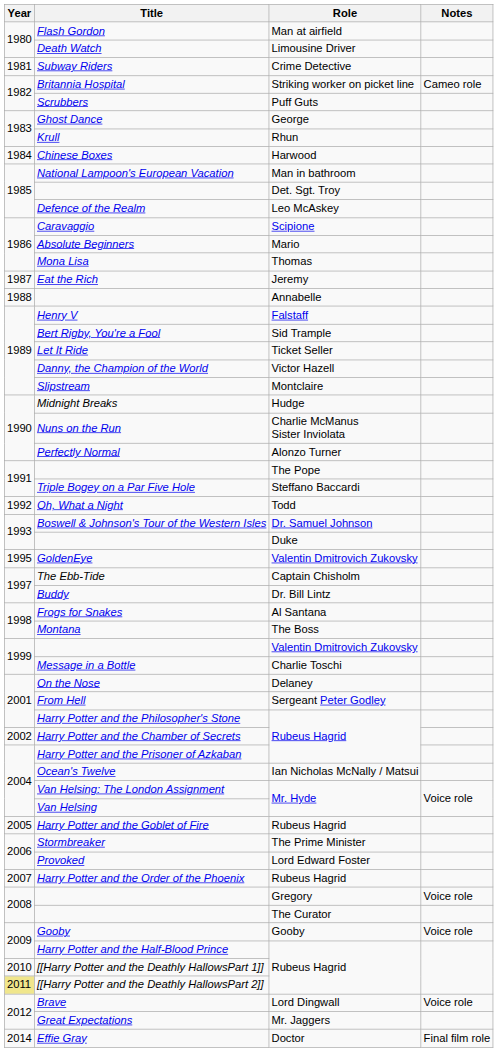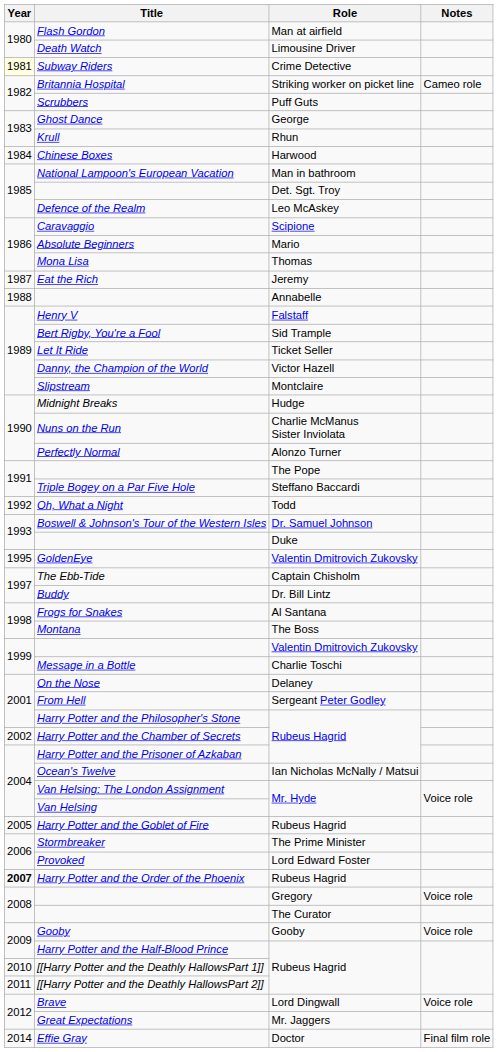 <table class="wikitable sortable">
 <tr>
 <th>Year</th>
 <th>Title</th>
 <th>Role</th>
 <th class="unsortable">Notes</th>
 </tr>
 <tr>
 <td rowspan=2>1980</td>
 <td><em><a href='#'>Flash Gordon</a></em></td>
 <td>Man at airfield</td>
 <td></td>
 </tr>
 <tr>
 <td><em><a href='#'>Death Watch</a></em></td>
 <td>Limousine Driver</td>
 <td></td>
 </tr>
 <tr>
-<td>1981</td>
+<td style="background: lightyellow;">1981</td>
 <td><em><a href='#'>Subway Riders</a></em></td>
 <td>Crime Detective</td>
 <td></td>
 </tr>
 <tr>
 <td rowspan=2>1982</td>
 <td><em><a href='#'>Britannia Hospital</a></em></td>
 <td>Striking worker on picket line</td>
 <td>Cameo role</td>
 </tr>
 <tr>
 <td><em><a href='#'>Scrubbers</a></em></td>
 <td>Puff Guts</td>
 <td></td>
 </tr>
 <tr>
 <td rowspan=2>1983</td>
 <td><em><a href='#'>Ghost Dance</a></em></td>
 <td>George</td>
 <td></td>
 </tr>
 <tr>
 <td><em><a href='#'>Krull</a></em></td>
 <td>Rhun</td>
 <td></td>
 </tr>
 <tr>
 <td>1984</td>
 <td><em><a href='#'>Chinese Boxes</a></em></td>
 <td>Harwood</td>
 <td></td>
 </tr>
 <tr>
 <td rowspan=3>1985</td>
 <td><em><a href='#'>National Lampoon's European Vacation</a></em></td>
 <td>Man in bathroom</td>
 <td></td>
 </tr>
 <tr>
 <td><em></em></td>
 <td>Det. Sgt. Troy</td>
 <td></td>
 </tr>
 <tr>
 <td><em><a href='#'>Defence of the Realm</a></em></td>
 <td>Leo McAskey</td>
 <td></td>
 </tr>
 <tr>
 <td rowspan=3>1986</td>
 <td><em><a href='#'>Caravaggio</a></em></td>
 <td><a href='#'>Scipione</a></td>
 <td></td>
 </tr>
 <tr>
 <td><em><a href='#'>Absolute Beginners</a></em></td>
 <td>Mario</td>
 <td></td>
 </tr>
 <tr>
 <td><em><a href='#'>Mona Lisa</a></em></td>
 <td>Thomas</td>
 <td></td>
 </tr>
 <tr>
 <td>1987</td>
 <td><em><a href='#'>Eat the Rich</a></em></td>
 <td>Jeremy</td>
 <td></td>
 </tr>
 <tr>
 <td>1988</td>
 <td><em></em></td>
 <td>Annabelle</td>
 <td></td>
 </tr>
 <tr>
 <td rowspan=5>1989</td>
 <td><em><a href='#'>Henry V</a></em></td>
 <td><a href='#'>Falstaff</a></td>
 <td></td>
 </tr>
 <tr>
 <td><em><a href='#'>Bert Rigby, You're a Fool</a></em></td>
 <td>Sid Trample</td>
 <td></td>
 </tr>
 <tr>
 <td><em><a href='#'>Let It Ride</a></em></td>
 <td>Ticket Seller</td>
 <td></td>
 </tr>
 <tr>
 <td><em><a href='#'>Danny, the Champion of the World</a></em></td>
 <td>Victor Hazell</td>
 <td></td>
 </tr>
 <tr>
 <td><em><a href='#'>Slipstream</a></em></td>
 <td>Montclaire</td>
 <td></td>
 </tr>
 <tr>
 <td rowspan=3>1990</td>
 <td><em>Midnight Breaks</em></td>
 <td>Hudge</td>
 <td></td>
 </tr>
 <tr>
 <td><em><a href='#'>Nuns on the Run</a></em></td>
 <td>Charlie McManus <br> Sister Inviolata</td>
 <td></td>
 </tr>
 <tr>
 <td><em><a href='#'>Perfectly Normal</a></em></td>
 <td>Alonzo Turner</td>
 <td></td>
 </tr>
 <tr>
 <td rowspan=2>1991</td>
 <td><em></em></td>
 <td>The Pope</td>
 <td></td>
 </tr>
 <tr>
 <td><em><a href='#'>Triple Bogey on a Par Five Hole</a></em></td>
 <td>Steffano Baccardi</td>
 <td></td>
 </tr>
 <tr>
 <td>1992</td>
 <td><em><a href='#'>Oh, What a Night</a></em></td>
 <td>Todd</td>
 <td></td>
 </tr>
 <tr>
 <td rowspan=2>1993</td>
 <td><em><a href='#'>Boswell & Johnson's Tour of the Western Isles</a></em></td>
 <td><a href='#'>Dr. Samuel Johnson</a></td>
 <td></td>
 </tr>
 <tr>
 <td><em></em></td>
 <td>Duke</td>
 <td></td>
 </tr>
 <tr>
 <td>1995</td>
 <td><em><a href='#'>GoldenEye</a></em></td>
 <td><a href='#'>Valentin Dmitrovich Zukovsky</a></td>
 <td></td>
 </tr>
 <tr>
 <td rowspan=2>1997</td>
 <td><em>The Ebb-Tide</em></td>
 <td>Captain Chisholm</td>
 <td></td>
 </tr>
 <tr>
 <td><em><a href='#'>Buddy</a></em></td>
 <td>Dr. Bill Lintz</td>
 <td></td>
 </tr>
 <tr>
 <td rowspan=2>1998</td>
 <td><em><a href='#'>Frogs for Snakes</a></em></td>
 <td>Al Santana</td>
 <td></td>
 </tr>
 <tr>
 <td><em><a href='#'>Montana</a></em></td>
 <td>The Boss</td>
 <td></td>
 </tr>
 <tr>
 <td rowspan=2>1999</td>
 <td><em></em></td>
 <td><a href='#'>Valentin Dmitrovich Zukovsky</a></td>
 <td></td>
 </tr>
 <tr>
 <td><em><a href='#'>Message in a Bottle</a></em></td>
 <td>Charlie Toschi</td>
 <td></td>
 </tr>
 <tr>
 <td rowspan=3>2001</td>
 <td><em><a href='#'>On the Nose</a></em></td>
 <td>Delaney</td>
 <td></td>
 </tr>
 <tr>
 <td><em><a href='#'>From Hell</a></em></td>
 <td>Sergeant <a href='#'>Peter Godley</a></td>
 <td></td>
 </tr>
 <tr>
 <td><em><a href='#'>Harry Potter and the Philosopher's Stone</a></em></td>
 <td rowspan=3><a href='#'>Rubeus Hagrid</a></td>
 <td></td>
 </tr>
 <tr>
 <td>2002</td>
 <td><em><a href='#'>Harry Potter and the Chamber of Secrets</a></em></td>
 <td></td>
 </tr>
 <tr>
 <td rowspan=4>2004</td>
 <td><em><a href='#'>Harry Potter and the Prisoner of Azkaban</a></em></td>
 <td></td>
 </tr>
 <tr>
 <td><em><a href='#'>Ocean's Twelve</a></em></td>
 <td>Ian Nicholas McNally / Matsui</td>
 <td></td>
 </tr>
 <tr>
 <td><em><a href='#'>Van Helsing: The London Assignment</a></em></td>
 <td rowspan=2><a href='#'>Mr. Hyde</a></td>
 <td rowspan=2>Voice role</td>
 </tr>
 <tr>
 <td><em><a href='#'>Van Helsing</a></em></td>
 </tr>
 <tr>
 <td>2005</td>
 <td><em><a href='#'>Harry Potter and the Goblet of Fire</a></em></td>
 <td>Rubeus Hagrid</td>
 <td></td>
 </tr>
 <tr>
 <td rowspan=2>2006</td>
 <td><em><a href='#'>Stormbreaker</a></em></td>
 <td>The Prime Minister</td>
 <td></td>
 </tr>
 <tr>
 <td><em><a href='#'>Provoked</a></em></td>
 <td>Lord Edward Foster</td>
 <td></td>
 </tr>
 <tr>
-<td>2007</td>
+<td><strong>2007</strong></td>
 <td><em><a href='#'>Harry Potter and the Order of the Phoenix</a></em></td>
 <td>Rubeus Hagrid</td>
 <td></td>
 </tr>
 <tr>
 <td rowspan=2>2008</td>
 <td><em></em></td>
 <td>Gregory</td>
 <td>Voice role</td>
 </tr>
 <tr>
 <td><em></em></td>
 <td>The Curator</td>
 <td></td>
 </tr>
 <tr>
 <td rowspan=2>2009</td>
 <td><em><a href='#'>Gooby</a></em></td>
 <td>Gooby</td>
 <td>Voice role</td>
 </tr>
 <tr>
 <td><em><a href='#'>Harry Potter and the Half-Blood Prince</a></em></td>
 <td rowspan=3>Rubeus Hagrid</td>
 <td rowspan=3></td>
 </tr>
 <tr>
 <td>2010</td>
 <td><em>[[Harry Potter and the Deathly HallowsPart 1]]</em></td>
 </tr>
 <tr>
-<td style="background: khaki;">2011</td>
+<td>2011</td>
 <td><em>[[Harry Potter and the Deathly HallowsPart 2]]</em></td>
 </tr>
 <tr>
 <td rowspan="2">2012</td>
 <td><em><a href='#'>Brave</a></em></td>
 <td>Lord Dingwall</td>
 <td>Voice role</td>
 </tr>
 <tr>
 <td><em><a href='#'>Great Expectations</a></em></td>
 <td>Mr. Jaggers</td>
 <td></td>
 </tr>
 <tr>
 <td>2014</td>
 <td><em><a href='#'>Effie Gray</a></em></td>
 <td>Doctor</td>
 <td>Final film role</td>
 </tr>
 </table>
